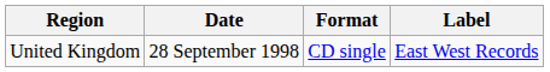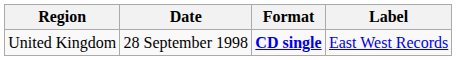 <table class=wikitable>
 <tr>
 <th>Region</th>
 <th>Date</th>
 <th>Format</th>
 <th>Label</th>
 </tr>
 <tr>
 <td>United Kingdom</td>
 <td>28 September 1998</td>
-<td><a href='#'>CD single</a></td>
+<td><strong><a href='#'>CD single</a></strong></td>
 <td><a href='#'>East West Records</a></td>
 </tr>
 <tr>
 </tr>
 </table>
